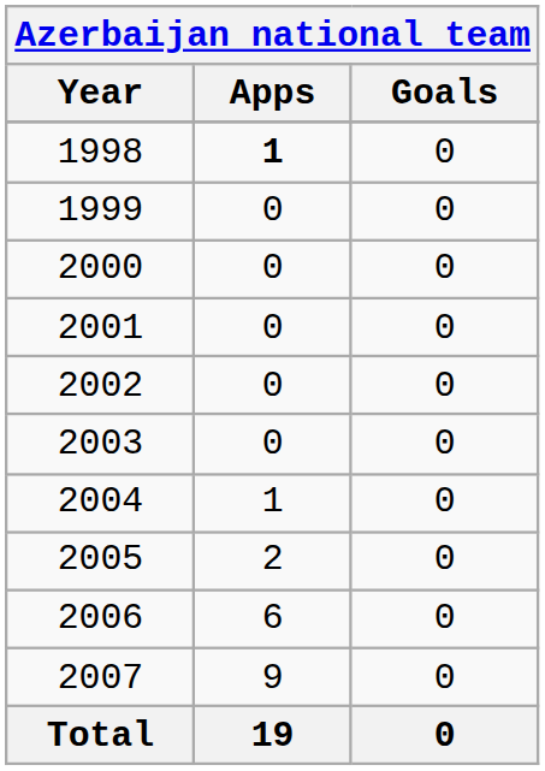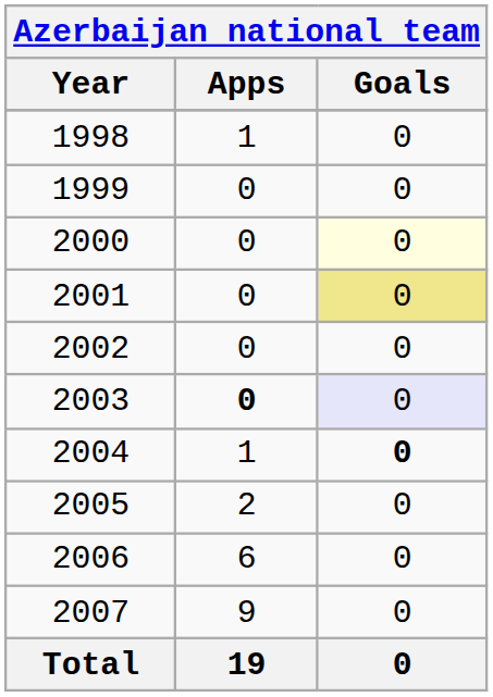 <table class="wikitable" style="text-align:center">
 <tr>
 <th colspan=3><a href='#'>Azerbaijan national team</a></th>
 </tr>
 <tr>
 <th>Year</th>
 <th>Apps</th>
 <th>Goals</th>
 </tr>
 <tr>
 </tr>
 <tr>
 <td>1998</td>
-<td><strong>1</strong></td>
+<td>1</td>
 <td>0</td>
 </tr>
 <tr>
 <td>1999</td>
 <td>0</td>
 <td>0</td>
 </tr>
 <tr>
 <td>2000</td>
 <td>0</td>
-<td>0</td>
+<td style="background: lightyellow;">0</td>
 </tr>
 <tr>
 <td>2001</td>
 <td>0</td>
-<td>0</td>
+<td style="background: khaki;">0</td>
 </tr>
 <tr>
 <td>2002</td>
 <td>0</td>
 <td>0</td>
 </tr>
 <tr>
 <td>2003</td>
-<td>0</td>
-<td>0</td>
+<td><strong>0</strong></td>
+<td style="background: lavender;">0</td>
 </tr>
 <tr>
 <td>2004</td>
 <td>1</td>
-<td>0</td>
+<td><strong>0</strong></td>
 </tr>
 <tr>
 <td>2005</td>
 <td>2</td>
 <td>0</td>
 </tr>
 <tr>
 <td>2006</td>
 <td>6</td>
 <td>0</td>
 </tr>
 <tr>
 <td>2007</td>
 <td>9</td>
 <td>0</td>
 </tr>
 <tr>
 <th>Total</th>
 <th>19</th>
 <th>0</th>
 </tr>
 </table>
